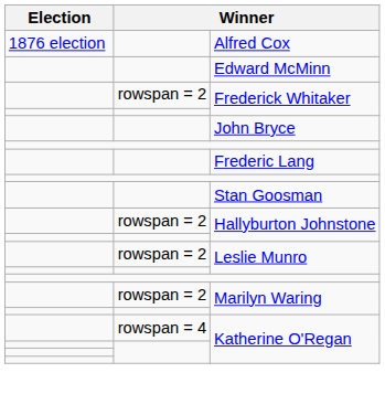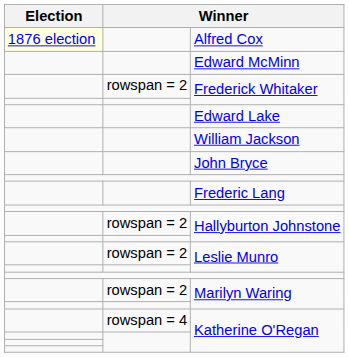 <table class=wikitable>
 <tr>
 <th width=100>Election</th>
 <th width=175 colspan=2>Winner</th>
 </tr>
 <tr>
-<td><a href='#'>1876 election</a></td>
+<td style="background: lightyellow;"><a href='#'>1876 election</a></td>
 <td></td>
 <td><a href='#'>Alfred Cox</a></td>
 </tr>
 <tr>
 <td></td>
 <td></td>
 <td><a href='#'>Edward McMinn</a></td>
 </tr>
 <tr>
 <td></td>
 <td>rowspan = 2 </td>
 <td rowspan = 2><a href='#'>Frederick Whitaker</a></td>
 </tr>
 <tr>
 <td></td>
 </tr>
 <tr>
 <td></td>
 <td></td>
+<td><a href='#'>Edward Lake</a></td>
+</tr>
+<tr>
+<td></td>
+<td></td>
+<td><a href='#'>William Jackson</a></td>
+</tr>
+<tr>
+<td></td>
+<td></td>
 <td><a href='#'>John Bryce</a></td>
 </tr>
 <tr>
 <td colspan=3 align=center></td>
 </tr>
 <tr>
 <td></td>
 <td></td>
 <td><a href='#'>Frederic Lang</a></td>
 </tr>
 <tr>
 <td colspan=3 align=center></td>
-</tr>
-<tr>
-<td></td>
-<td></td>
-<td><a href='#'>Stan Goosman</a></td>
 </tr>
 <tr>
 <td></td>
 <td>rowspan = 2 </td>
 <td rowspan = 2><a href='#'>Hallyburton Johnstone</a></td>
 </tr>
 <tr>
 <td></td>
 </tr>
 <tr>
 <td></td>
 <td>rowspan = 2 </td>
 <td rowspan = 2><a href='#'>Leslie Munro</a></td>
 </tr>
 <tr>
 <td></td>
 </tr>
 <tr>
 <td colspan=3 align=center></td>
 </tr>
 <tr>
 <td></td>
 <td>rowspan = 2 </td>
 <td rowspan = 2><a href='#'>Marilyn Waring</a></td>
 </tr>
 <tr>
 <td></td>
 </tr>
 <tr>
 <td></td>
 <td>rowspan = 4 </td>
 <td rowspan = 4><a href='#'>Katherine O'Regan</a></td>
 </tr>
 <tr>
 <td></td>
 </tr>
 <tr>
 <td></td>
 </tr>
 <tr>
 <td></td>
 </tr>
 </table>
